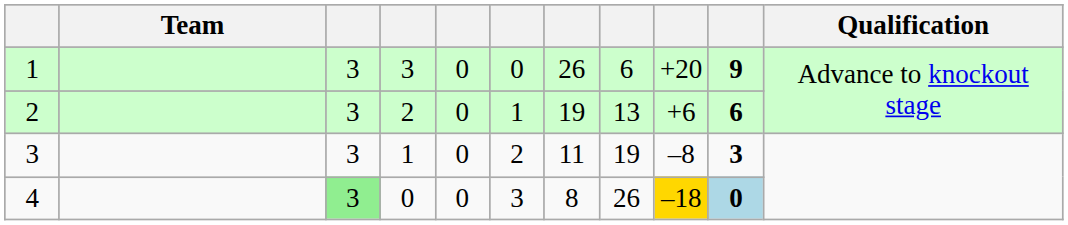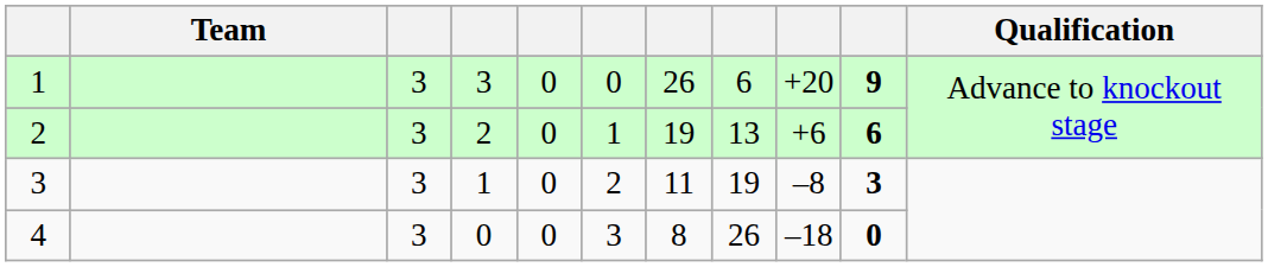 <table class="wikitable" style="text-align: center;">
 <tr>
 <th width="25"></th>
 <th width="150">Team</th>
 <th width="25"></th>
 <th width="25"></th>
 <th width="25"></th>
 <th width="25"></th>
 <th width="25"></th>
 <th width="25"></th>
 <th width="25"></th>
 <th width="25"></th>
 <th width="170">Qualification</th>
 </tr>
 <tr align=center style="background:#ccffcc;">
 <td>1</td>
 <td style="text-align:left;"></td>
 <td>3</td>
 <td>3</td>
 <td>0</td>
 <td>0</td>
 <td>26</td>
 <td>6</td>
 <td>+20</td>
 <td><strong>9</strong></td>
 <td rowspan="2">Advance to <a href='#'>knockout stage</a></td>
 </tr>
 <tr align=center style="background:#ccffcc;">
 <td>2</td>
 <td style="text-align:left;"></td>
 <td>3</td>
 <td>2</td>
 <td>0</td>
 <td>1</td>
 <td>19</td>
 <td>13</td>
 <td>+6</td>
 <td><strong>6</strong></td>
 </tr>
 <tr align=center>
 <td>3</td>
 <td style="text-align:left;"></td>
 <td>3</td>
 <td>1</td>
 <td>0</td>
 <td>2</td>
 <td>11</td>
 <td>19</td>
 <td>–8</td>
 <td><strong>3</strong></td>
 <td rowspan="2"></td>
 </tr>
 <tr align=center>
 <td>4</td>
 <td style="text-align:left;"></td>
-<td style="background: lightgreen;">3</td>
+<td>3</td>
 <td>0</td>
 <td>0</td>
 <td>3</td>
 <td>8</td>
 <td>26</td>
-<td style="background: gold;">–18</td>
-<td style="background: lightblue;"><strong>0</strong></td>
+<td>–18</td>
+<td><strong>0</strong></td>
 </tr>
 </table>
